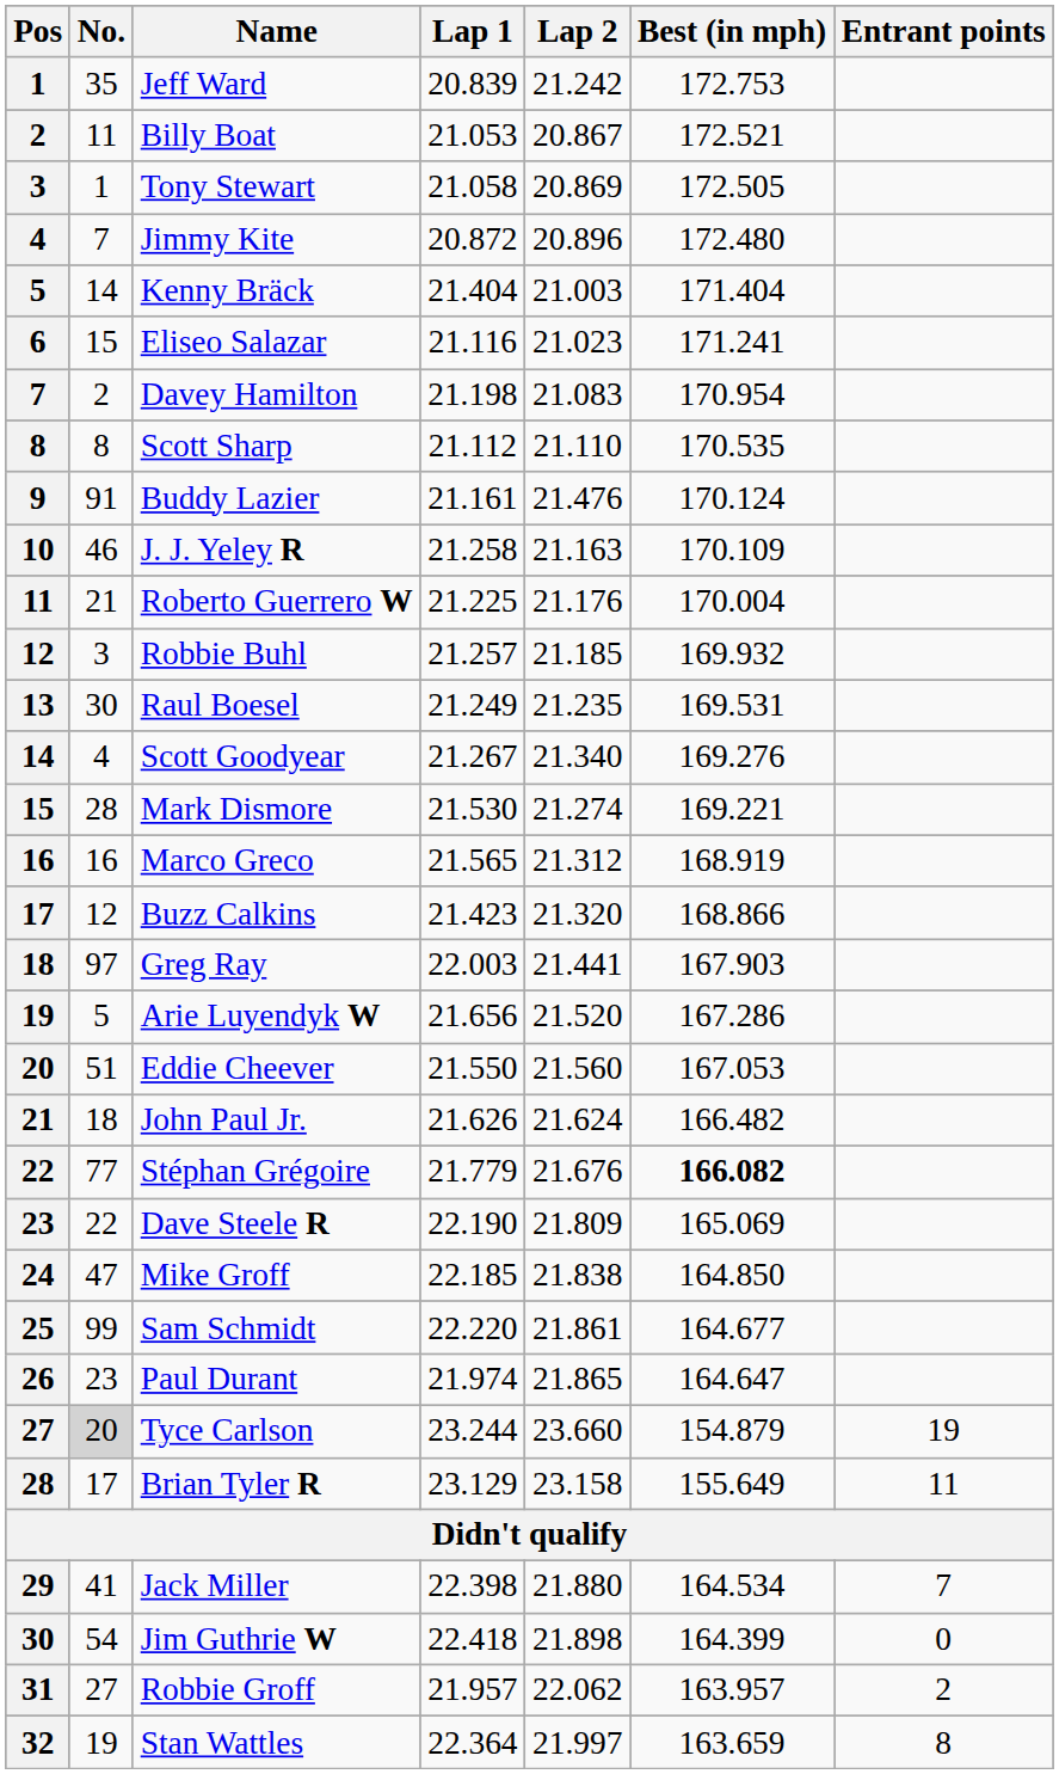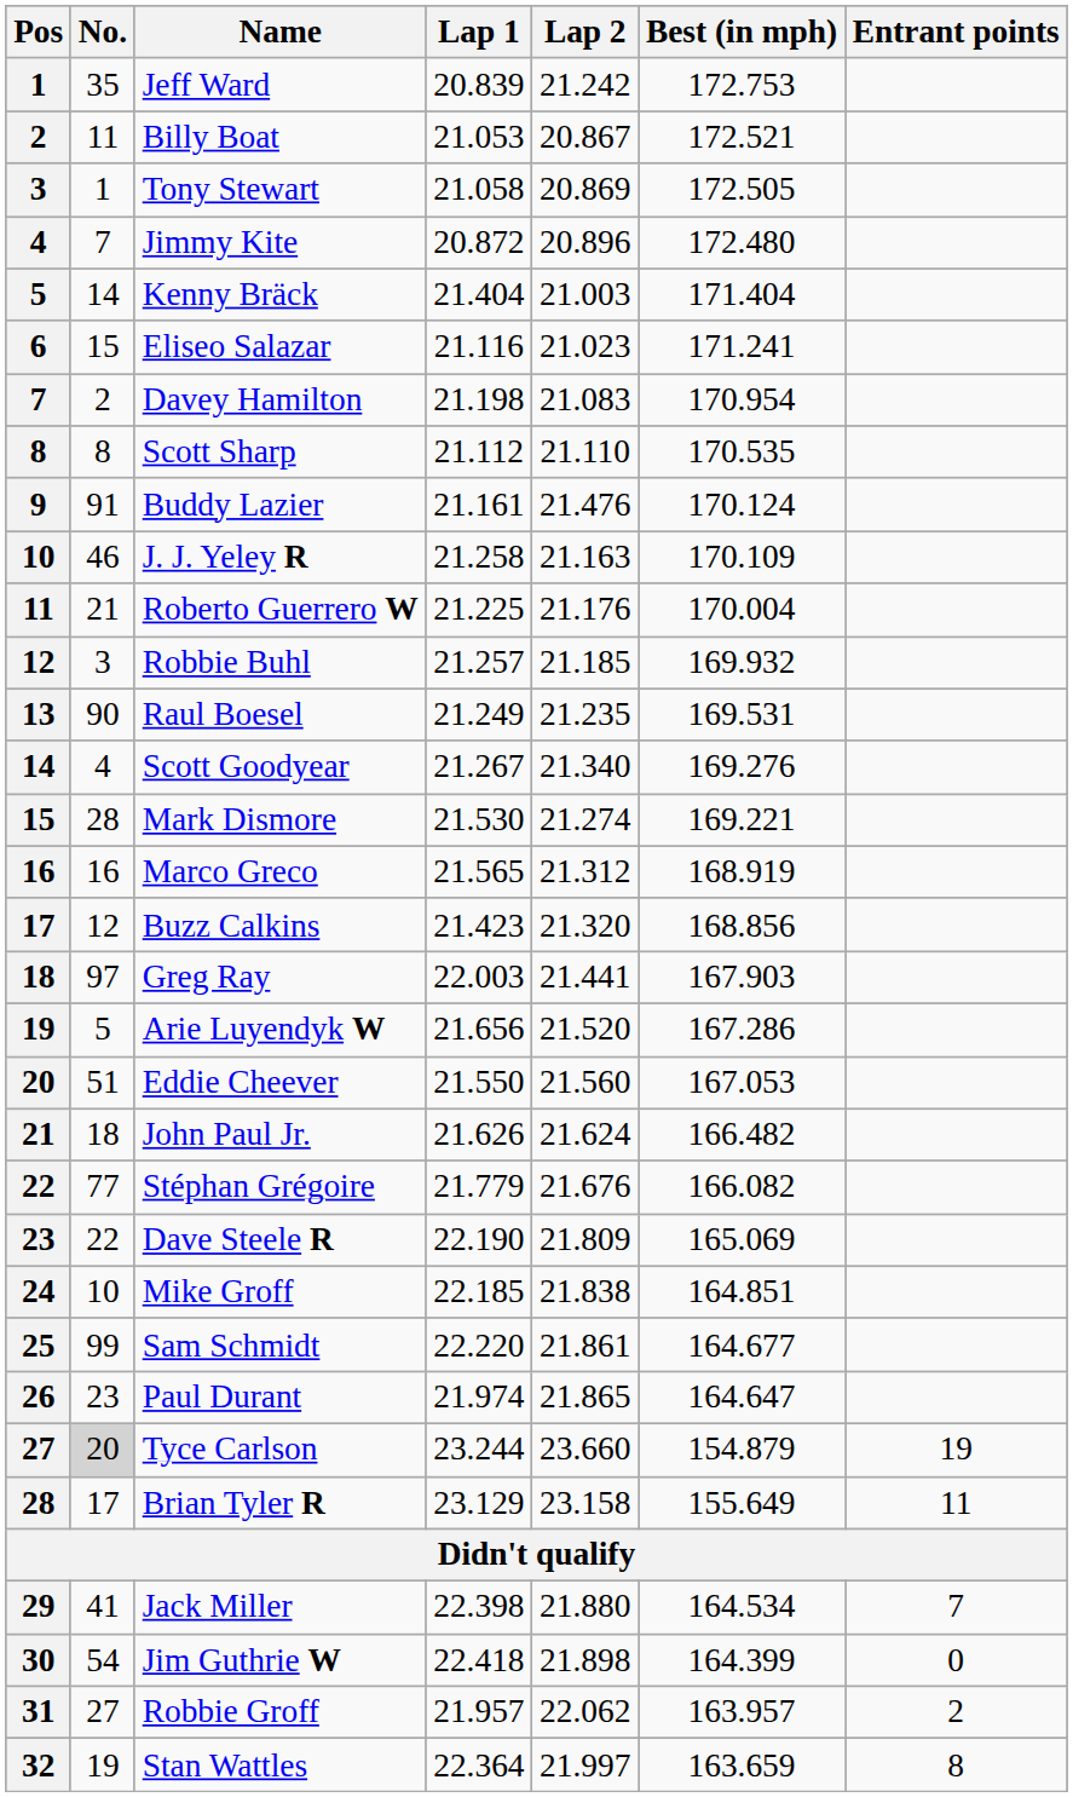 <table class="wikitable sortable" " style="fontsize:95%">
 <tr>
 <th>Pos</th>
 <th>No.</th>
 <th>Name</th>
 <th>Lap 1</th>
 <th>Lap 2</th>
 <th>Best (in mph)</th>
 <th>Entrant points</th>
 </tr>
 <tr>
 <th scope="row">1</th>
 <td align=center>35</td>
 <td> <a href='#'>Jeff Ward</a></td>
 <td align="center">20.839</td>
 <td align="center">21.242</td>
 <td align="center">172.753</td>
 <td></td>
 </tr>
 <tr>
 <th scope="row">2</th>
 <td align=center>11</td>
 <td> <a href='#'>Billy Boat</a></td>
 <td align="center">21.053</td>
 <td align="center">20.867</td>
 <td align="center">172.521</td>
 <td></td>
 </tr>
 <tr>
 <th scope="row">3</th>
 <td align=center>1</td>
 <td> <a href='#'>Tony Stewart</a></td>
 <td align="center">21.058</td>
 <td align="center">20.869</td>
 <td align="center">172.505</td>
 <td></td>
 </tr>
 <tr>
 <th scope="row">4</th>
 <td align=center>7</td>
 <td> <a href='#'>Jimmy Kite</a></td>
 <td align="center">20.872</td>
 <td align="center">20.896</td>
 <td align="center">172.480</td>
 <td></td>
 </tr>
 <tr>
 <th scope="row">5</th>
 <td align=center>14</td>
 <td> <a href='#'>Kenny Bräck</a></td>
 <td align="center">21.404</td>
 <td align="center">21.003</td>
 <td align="center">171.404</td>
 <td></td>
 </tr>
 <tr>
 <th scope="row">6</th>
 <td align=center>15</td>
 <td> <a href='#'>Eliseo Salazar</a></td>
 <td align="center">21.116</td>
 <td align="center">21.023</td>
 <td align="center">171.241</td>
 <td></td>
 </tr>
 <tr>
 <th scope="row">7</th>
 <td align=center>2</td>
 <td> <a href='#'>Davey Hamilton</a></td>
 <td align="center">21.198</td>
 <td align="center">21.083</td>
 <td align="center">170.954</td>
 <td></td>
 </tr>
 <tr>
 <th scope="row">8</th>
 <td align=center>8</td>
 <td> <a href='#'>Scott Sharp</a></td>
 <td align="center">21.112</td>
 <td align="center">21.110</td>
 <td align="center">170.535</td>
 <td></td>
 </tr>
 <tr>
 <th scope="row">9</th>
 <td align=center>91</td>
 <td> <a href='#'>Buddy Lazier</a></td>
 <td align="center">21.161</td>
 <td align="center">21.476</td>
 <td align="center">170.124</td>
 <td></td>
 </tr>
 <tr>
 <th scope="row">10</th>
 <td align=center>46</td>
 <td> <a href='#'>J. J. Yeley</a> <strong><span>R</span></strong></td>
 <td align="center">21.258</td>
 <td align="center">21.163</td>
 <td align="center">170.109</td>
 <td></td>
 </tr>
 <tr>
 <th scope="row">11</th>
 <td align=center>21</td>
 <td> <a href='#'>Roberto Guerrero</a> <strong><span>W</span></strong></td>
 <td align="center">21.225</td>
 <td align="center">21.176</td>
 <td align="center">170.004</td>
 <td></td>
 </tr>
 <tr>
 <th scope="row">12</th>
 <td align=center>3</td>
 <td> <a href='#'>Robbie Buhl</a></td>
 <td align="center">21.257</td>
 <td align="center">21.185</td>
 <td align="center">169.932</td>
 <td></td>
 </tr>
 <tr>
 <th scope="row">13</th>
-<td align=center>30</td>
+<td align=center>90</td>
 <td> <a href='#'>Raul Boesel</a></td>
 <td align="center">21.249</td>
 <td align="center">21.235</td>
 <td align="center">169.531</td>
 <td></td>
 </tr>
 <tr>
 <th scope="row">14</th>
 <td align=center>4</td>
 <td> <a href='#'>Scott Goodyear</a></td>
 <td align="center">21.267</td>
 <td align="center">21.340</td>
 <td align="center">169.276</td>
 <td></td>
 </tr>
 <tr>
 <th scope="row">15</th>
 <td align=center>28</td>
 <td> <a href='#'>Mark Dismore</a></td>
 <td align="center">21.530</td>
 <td align="center">21.274</td>
 <td align="center">169.221</td>
 <td></td>
 </tr>
 <tr>
 <th scope="row">16</th>
 <td align=center>16</td>
 <td> <a href='#'>Marco Greco</a></td>
 <td align="center">21.565</td>
 <td align="center">21.312</td>
 <td align="center">168.919</td>
 <td></td>
 </tr>
 <tr>
 <th scope="row">17</th>
 <td align=center>12</td>
 <td> <a href='#'>Buzz Calkins</a></td>
 <td align="center">21.423</td>
 <td align="center">21.320</td>
-<td align="center">168.866</td>
+<td align="center">168.856</td>
 <td></td>
 </tr>
 <tr>
 <th scope="row">18</th>
 <td align=center>97</td>
 <td> <a href='#'>Greg Ray</a></td>
 <td align="center">22.003</td>
 <td align="center">21.441</td>
 <td align="center">167.903</td>
 <td></td>
 </tr>
 <tr>
 <th scope="row">19</th>
 <td align=center>5</td>
 <td> <a href='#'>Arie Luyendyk</a> <strong><span>W</span></strong></td>
 <td align="center">21.656</td>
 <td align="center">21.520</td>
 <td align="center">167.286</td>
 <td></td>
 </tr>
 <tr>
 <th scope="row">20</th>
 <td align=center>51</td>
 <td> <a href='#'>Eddie Cheever</a></td>
 <td align="center">21.550</td>
 <td align="center">21.560</td>
 <td align="center">167.053</td>
 <td></td>
 </tr>
 <tr>
 <th scope="row">21</th>
 <td align=center>18</td>
 <td> <a href='#'>John Paul Jr.</a></td>
 <td align="center">21.626</td>
 <td align="center">21.624</td>
 <td align="center">166.482</td>
 <td></td>
 </tr>
 <tr>
 <th scope="row">22</th>
 <td align=center>77</td>
 <td> <a href='#'>Stéphan Grégoire</a></td>
 <td align="center">21.779</td>
 <td align="center">21.676</td>
-<td align="center"><strong>166.082</strong></td>
+<td align="center">166.082</td>
 <td></td>
 </tr>
 <tr>
 <th scope="row">23</th>
 <td align=center>22</td>
 <td> <a href='#'>Dave Steele</a> <strong><span>R</span></strong></td>
 <td align="center">22.190</td>
 <td align="center">21.809</td>
 <td align="center">165.069</td>
 <td></td>
 </tr>
 <tr>
 <th scope="row">24</th>
-<td align=center>47</td>
+<td align=center>10</td>
 <td> <a href='#'>Mike Groff</a></td>
 <td align="center">22.185</td>
 <td align="center">21.838</td>
-<td align="center">164.850</td>
+<td align="center">164.851</td>
 <td></td>
 </tr>
 <tr>
 <th scope="row">25</th>
 <td align=center>99</td>
 <td> <a href='#'>Sam Schmidt</a></td>
 <td align="center">22.220</td>
 <td align="center">21.861</td>
 <td align="center">164.677</td>
 <td></td>
 </tr>
 <tr>
 <th scope="row">26</th>
 <td align=center>23</td>
 <td> <a href='#'>Paul Durant</a></td>
 <td align="center">21.974</td>
 <td align="center">21.865</td>
 <td align="center">164.647</td>
 <td></td>
 </tr>
 <tr>
 <th scope="row">27</th>
 <td align=center style="background: lightgrey;">20</td>
 <td> <a href='#'>Tyce Carlson</a></td>
 <td align="center">23.244</td>
 <td align="center">23.660</td>
 <td align="center">154.879</td>
 <td align="center">19</td>
 </tr>
 <tr>
 <th scope="row">28</th>
 <td align=center>17</td>
 <td> <a href='#'>Brian Tyler</a> <strong><span>R</span></strong></td>
 <td align="center">23.129</td>
 <td align="center">23.158</td>
 <td align="center">155.649</td>
 <td align="center">11</td>
 </tr>
 <tr>
 <th colspan="7">Didn't qualify</th>
 </tr>
 <tr>
 <th scope="row">29</th>
 <td align=center>41</td>
 <td> <a href='#'>Jack Miller</a></td>
 <td align="center">22.398</td>
 <td align="center">21.880</td>
 <td align="center">164.534</td>
 <td align="center">7</td>
 </tr>
 <tr>
 <th scope="row">30</th>
 <td align=center>54</td>
 <td> <a href='#'>Jim Guthrie</a> <strong><span>W</span></strong></td>
 <td align="center">22.418</td>
 <td align="center">21.898</td>
 <td align="center">164.399</td>
 <td align="center">0</td>
 </tr>
 <tr>
 <th scope="row">31</th>
 <td align=center>27</td>
 <td> <a href='#'>Robbie Groff</a></td>
 <td align="center">21.957</td>
 <td align="center">22.062</td>
 <td align="center">163.957</td>
 <td align="center">2</td>
 </tr>
 <tr>
 <th scope="row">32</th>
 <td align=center>19</td>
 <td> <a href='#'>Stan Wattles</a></td>
 <td align="center">22.364</td>
 <td align="center">21.997</td>
 <td align="center">163.659</td>
 <td align="center">8</td>
 </tr>
 </table>
